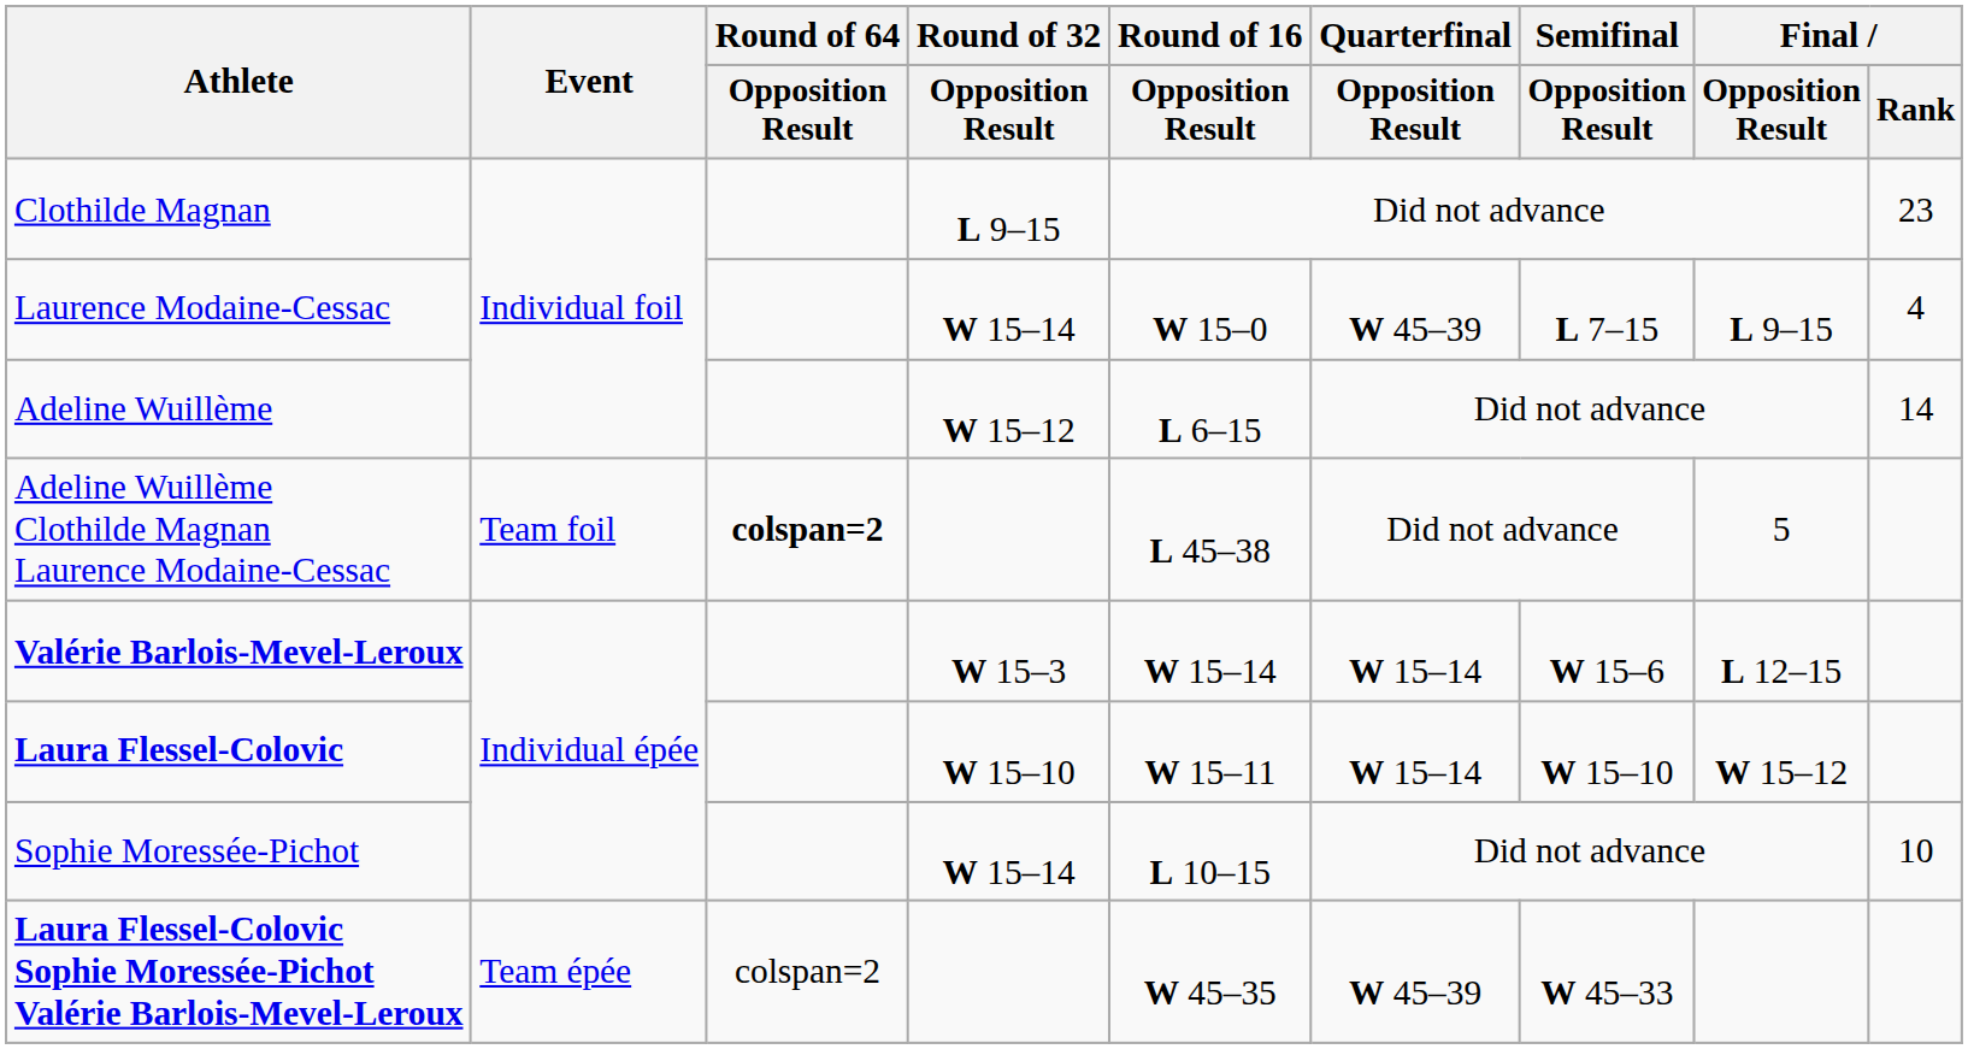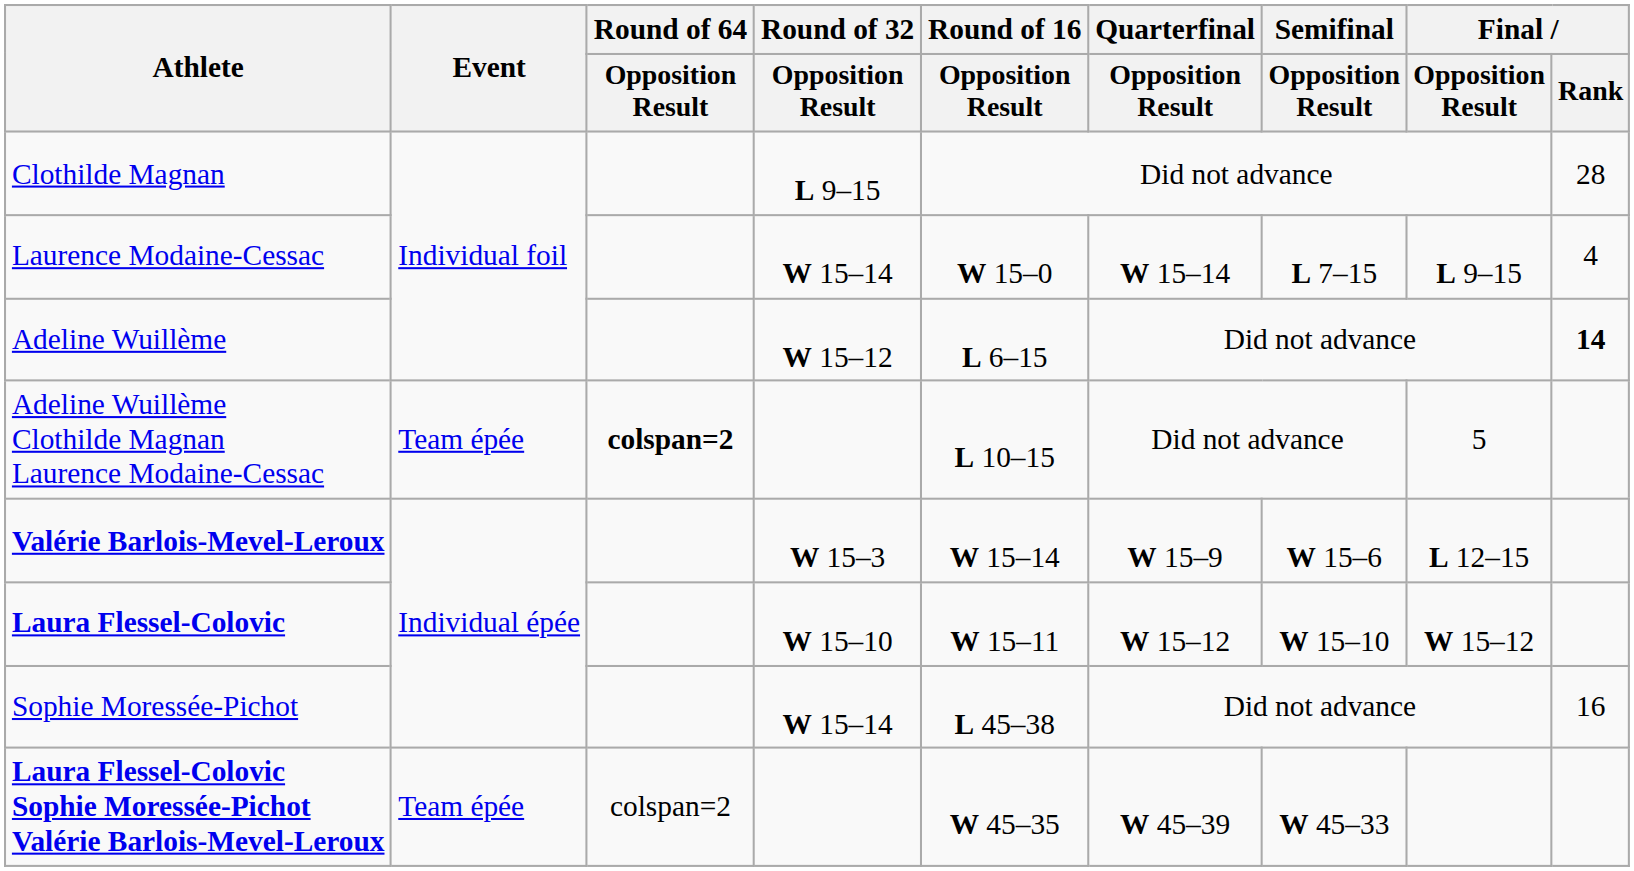 <table class=wikitable style=font-size:90%;text-align:center>
 <tr>
 <th rowspan=2>Athlete</th>
 <th rowspan=2>Event</th>
 <th>Round of 64</th>
 <th>Round of 32</th>
 <th>Round of 16</th>
 <th>Quarterfinal</th>
 <th>Semifinal</th>
 <th colspan=2>Final / </th>
 </tr>
 <tr style=font-size:95%>
 <th>Opposition<br>Result</th>
 <th>Opposition<br>Result</th>
 <th>Opposition<br>Result</th>
 <th>Opposition<br>Result</th>
 <th>Opposition<br>Result</th>
 <th>Opposition<br>Result</th>
 <th>Rank</th>
 </tr>
 <tr>
 <td align=left><a href='#'>Clothilde Magnan</a></td>
 <td align=left rowspan=3><a href='#'>Individual foil</a></td>
 <td></td>
 <td><br><strong>L</strong> 9–15</td>
 <td colspan=4>Did not advance</td>
-<td>23</td>
+<td>28</td>
 </tr>
 <tr>
 <td align=left><a href='#'>Laurence Modaine-Cessac</a></td>
 <td></td>
 <td><br><strong>W</strong> 15–14</td>
 <td><br><strong>W</strong> 15–0</td>
-<td><br><strong>W</strong> 45–39</td>
+<td><br><strong>W</strong> 15–14</td>
 <td><br><strong>L</strong> 7–15</td>
 <td><br><strong>L</strong> 9–15</td>
 <td>4</td>
 </tr>
 <tr>
 <td align=left><a href='#'>Adeline Wuillème</a></td>
 <td></td>
 <td><br><strong>W</strong> 15–12</td>
 <td><br><strong>L</strong> 6–15</td>
 <td colspan=3>Did not advance</td>
-<td>14</td>
+<td><strong>14</strong></td>
 </tr>
 <tr>
 <td align=left><a href='#'>Adeline Wuillème</a><br><a href='#'>Clothilde Magnan</a><br><a href='#'>Laurence Modaine-Cessac</a></td>
-<td align=left><a href='#'>Team foil</a></td>
+<td align=left><a href='#'>Team épée</a></td>
 <td><strong>colspan=2 </strong></td>
 <td></td>
-<td><br><strong>L</strong> 45–38</td>
+<td><br><strong>L</strong> 10–15</td>
 <td colspan=2>Did not advance</td>
 <td>5</td>
 </tr>
 <tr>
 <td align=left><strong><a href='#'>Valérie Barlois-Mevel-Leroux</a></strong></td>
 <td align=left rowspan=3><a href='#'>Individual épée</a></td>
 <td></td>
 <td><br><strong>W</strong> 15–3</td>
 <td><br><strong>W</strong> 15–14</td>
-<td><br><strong>W</strong> 15–14</td>
+<td><br><strong>W</strong> 15–9</td>
 <td><br><strong>W</strong> 15–6</td>
 <td><br><strong>L</strong> 12–15</td>
 <td></td>
 </tr>
 <tr>
 <td align=left><strong><a href='#'>Laura Flessel-Colovic</a></strong></td>
 <td></td>
 <td><br><strong>W</strong> 15–10</td>
 <td><br><strong>W</strong> 15–11</td>
-<td><br><strong>W</strong> 15–14</td>
+<td><br><strong>W</strong> 15–12</td>
 <td><br><strong>W</strong> 15–10</td>
 <td><br><strong>W</strong> 15–12</td>
 <td></td>
 </tr>
 <tr>
 <td align=left><a href='#'>Sophie Moressée-Pichot</a></td>
 <td></td>
 <td><br><strong>W</strong> 15–14</td>
-<td><br><strong>L</strong> 10–15</td>
+<td><br><strong>L</strong> 45–38</td>
 <td colspan=3>Did not advance</td>
-<td>10</td>
+<td>16</td>
 </tr>
 <tr>
 <td align=left><strong><a href='#'>Laura Flessel-Colovic</a><br><a href='#'>Sophie Moressée-Pichot</a><br><a href='#'>Valérie Barlois-Mevel-Leroux</a></strong></td>
 <td align=left><a href='#'>Team épée</a></td>
 <td>colspan=2 </td>
 <td></td>
 <td><br><strong>W</strong> 45–35</td>
 <td><br><strong>W</strong> 45–39</td>
 <td><br><strong>W</strong> 45–33</td>
 <td></td>
 </tr>
 </table>
